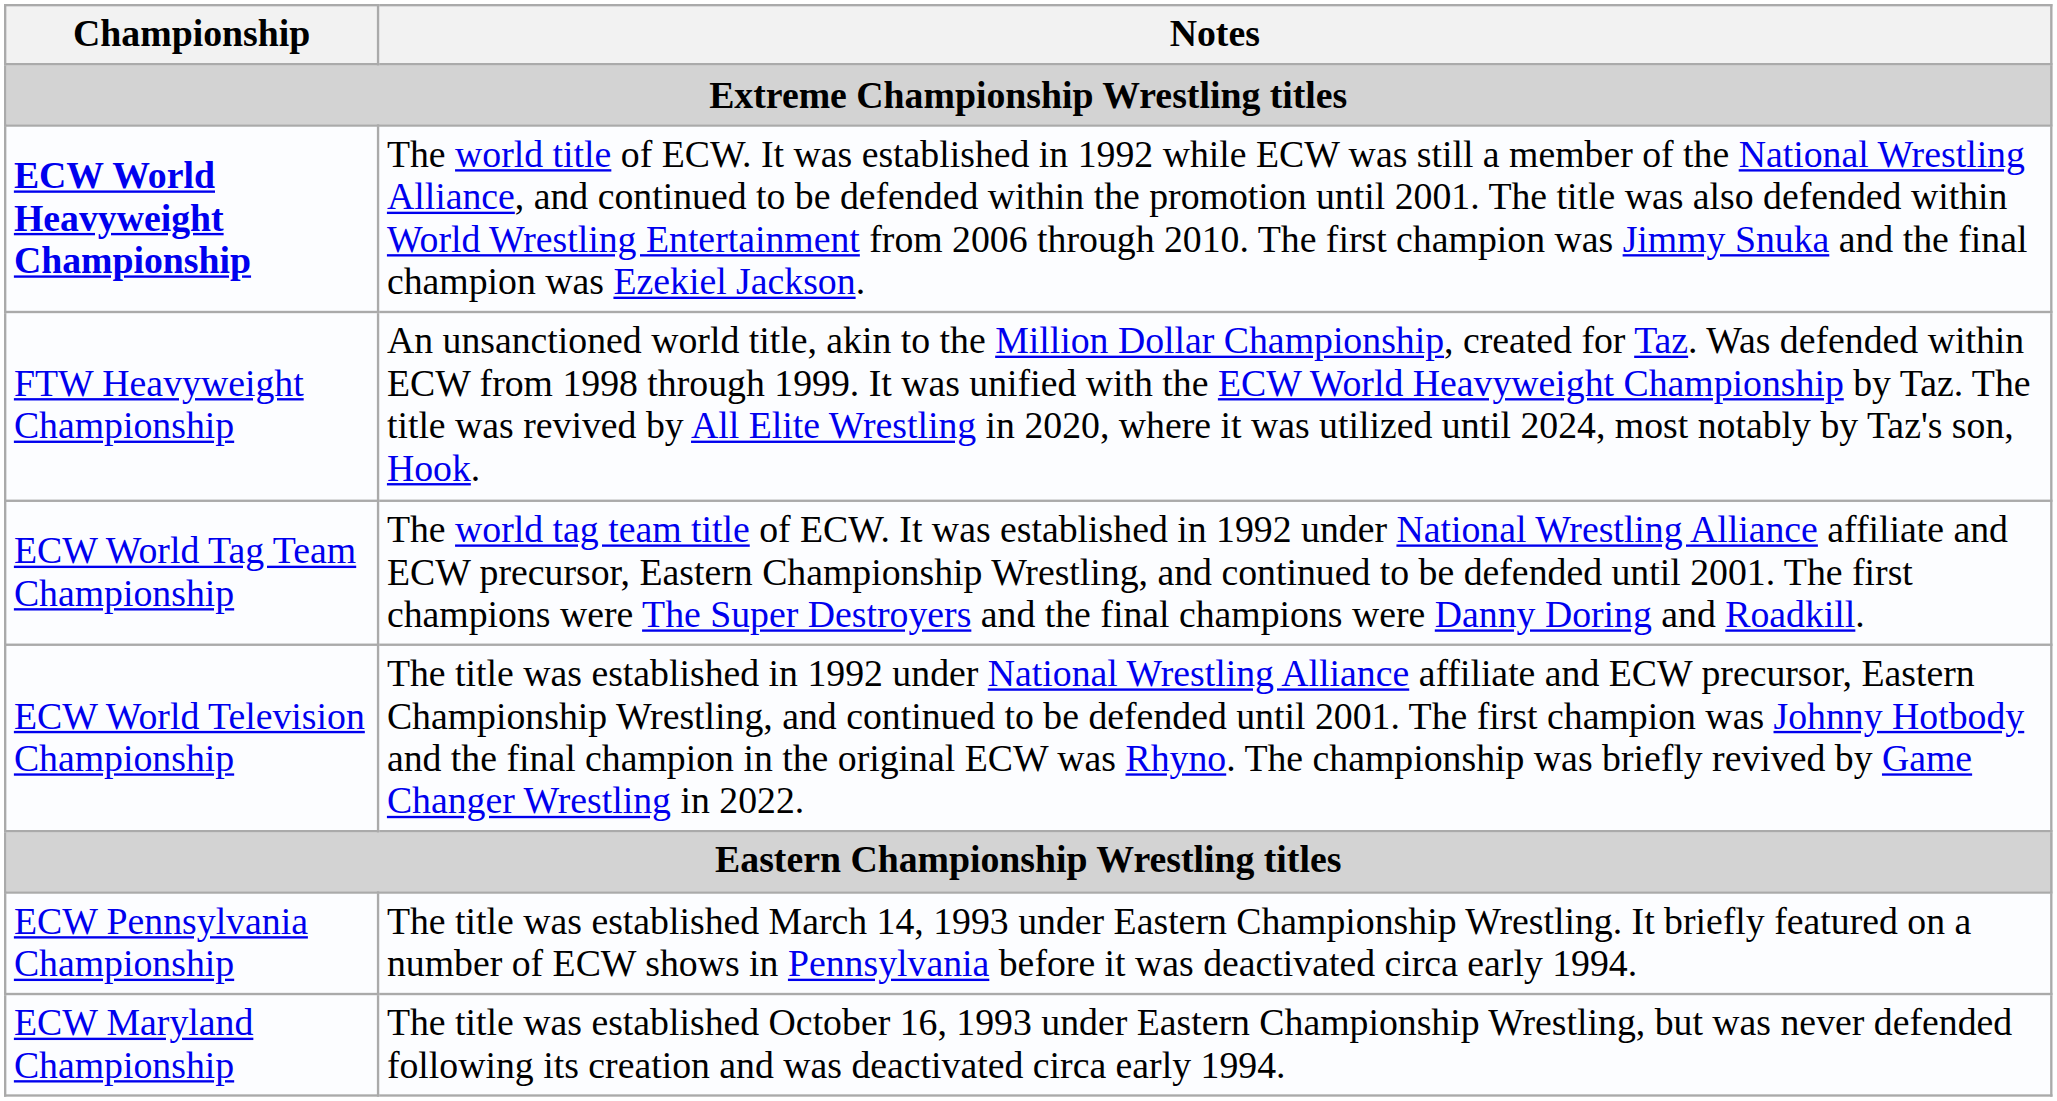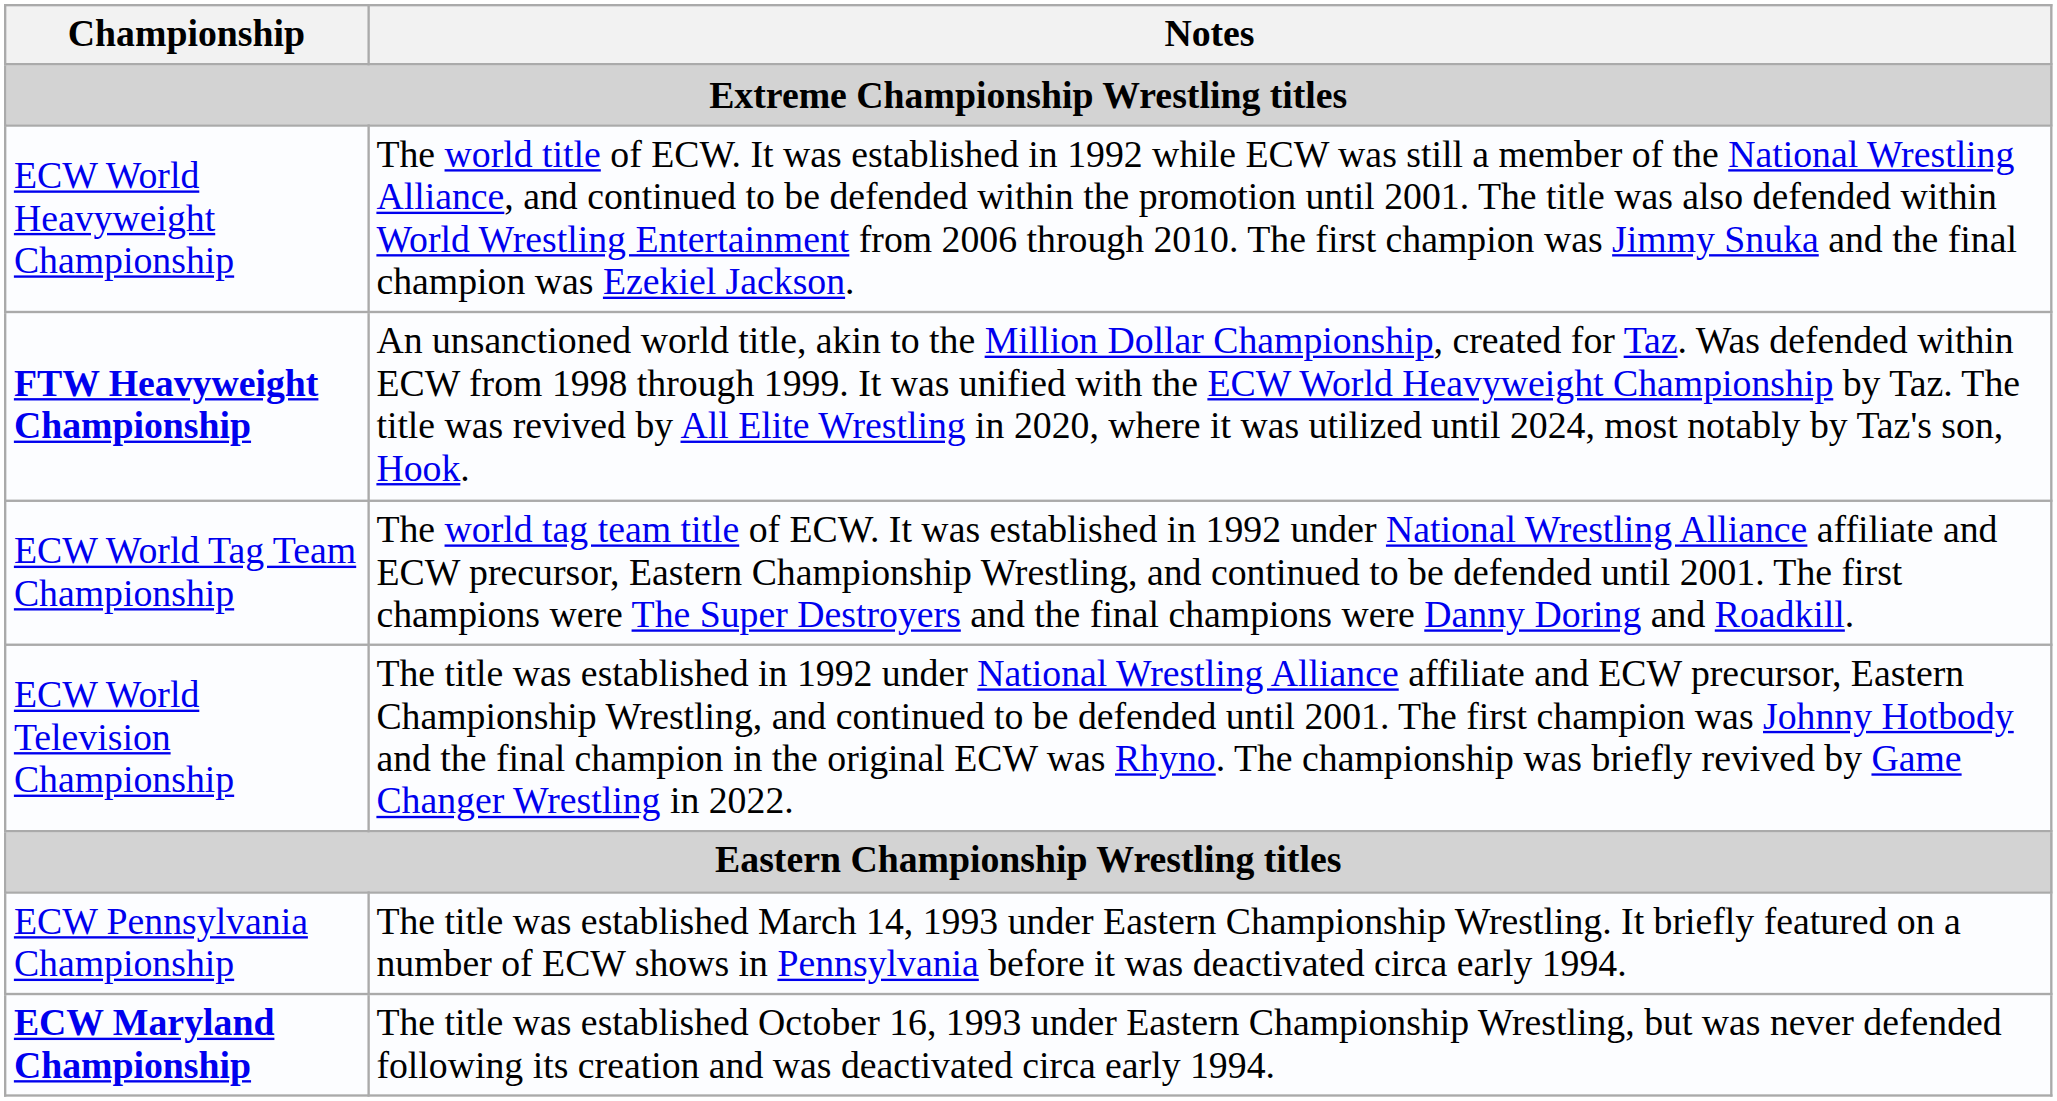 <table class="wikitable" style="background:#fcfdff;">
 <tr>
 <th>Championship</th>
 <th>Notes</th>
 </tr>
 <tr>
 <td style="background-color:lightgrey; text-align:center;" colspan="5"><strong>Extreme Championship Wrestling titles</strong></td>
 </tr>
 <tr>
-<td><strong><a href='#'>ECW World Heavyweight Championship</a></strong></td>
+<td><a href='#'>ECW World Heavyweight Championship</a></td>
 <td>The <a href='#'>world title</a> of ECW. It was established in 1992 while ECW was still a member of the <a href='#'>National Wrestling Alliance</a>, and continued to be defended within the promotion until 2001. The title was also defended within <a href='#'>World Wrestling Entertainment</a> from 2006 through 2010. The first champion was <a href='#'>Jimmy Snuka</a> and the final champion was <a href='#'>Ezekiel Jackson</a>.</td>
 </tr>
 <tr>
-<td><a href='#'>FTW Heavyweight Championship</a></td>
+<td><strong><a href='#'>FTW Heavyweight Championship</a></strong></td>
 <td>An unsanctioned world title, akin to the <a href='#'>Million Dollar Championship</a>, created for <a href='#'>Taz</a>. Was defended within ECW from 1998 through 1999. It was unified with the <a href='#'>ECW World Heavyweight Championship</a> by Taz. The title was revived by <a href='#'>All Elite Wrestling</a> in 2020, where it was utilized until 2024, most notably by Taz's son, <a href='#'>Hook</a>.</td>
 </tr>
 <tr>
 <td><a href='#'>ECW World Tag Team Championship</a></td>
 <td>The <a href='#'>world tag team title</a> of ECW. It was established in 1992 under <a href='#'>National Wrestling Alliance</a> affiliate and ECW precursor, Eastern Championship Wrestling, and continued to be defended until 2001. The first champions were <a href='#'>The Super Destroyers</a> and the final champions were <a href='#'>Danny Doring</a> and <a href='#'>Roadkill</a>.</td>
 </tr>
 <tr>
 <td><a href='#'>ECW World Television Championship</a></td>
 <td>The title was established in 1992 under <a href='#'>National Wrestling Alliance</a> affiliate and ECW precursor, Eastern Championship Wrestling, and continued to be defended until 2001. The first champion was <a href='#'>Johnny Hotbody</a> and the final champion in the original ECW was <a href='#'>Rhyno</a>. The championship was briefly revived by <a href='#'>Game Changer Wrestling</a> in 2022.</td>
 </tr>
 <tr>
 <td style="background-color:lightgrey; text-align:center;" colspan="3"><strong>Eastern Championship Wrestling titles</strong></td>
 </tr>
 <tr>
 <td><a href='#'>ECW Pennsylvania Championship</a></td>
 <td>The title was established March 14, 1993 under Eastern Championship Wrestling. It briefly featured on a number of ECW shows in <a href='#'>Pennsylvania</a> before it was deactivated circa early 1994.</td>
 </tr>
 <tr>
-<td><a href='#'>ECW Maryland Championship</a></td>
+<td><strong><a href='#'>ECW Maryland Championship</a></strong></td>
 <td>The title was established October 16, 1993 under Eastern Championship Wrestling, but was never defended following its creation and was deactivated circa early 1994.</td>
 </tr>
 </table>
